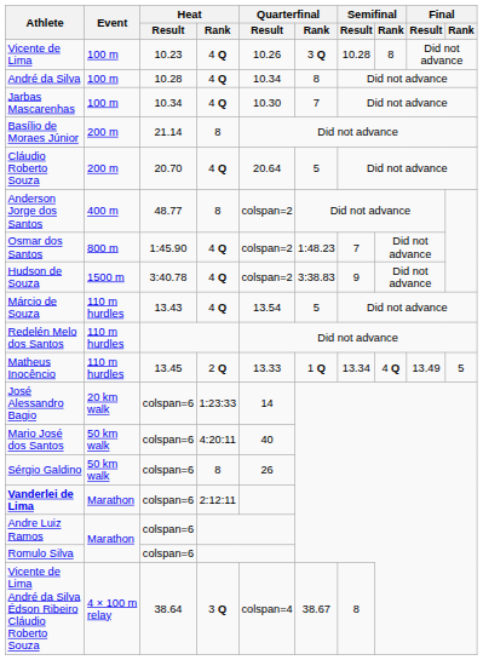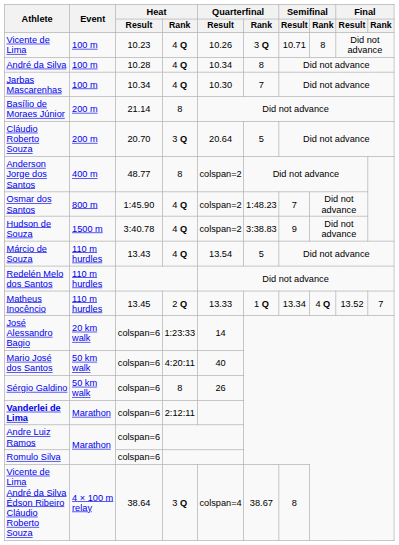 <table class=wikitable style="font-size:90%">
 <tr>
 <th rowspan="2">Athlete</th>
 <th rowspan="2">Event</th>
 <th colspan="2">Heat</th>
 <th colspan="2">Quarterfinal</th>
 <th colspan="2">Semifinal</th>
 <th colspan="2">Final</th>
 </tr>
 <tr style="font-size:95%">
 <th>Result</th>
 <th>Rank</th>
 <th>Result</th>
 <th>Rank</th>
 <th>Result</th>
 <th>Rank</th>
 <th>Result</th>
 <th>Rank</th>
 </tr>
 <tr align=center>
 <td align=left><a href='#'>Vicente de Lima</a></td>
 <td align=left><a href='#'>100 m</a></td>
 <td>10.23</td>
 <td>4 <strong>Q</strong></td>
 <td>10.26</td>
 <td>3 <strong>Q</strong></td>
-<td>10.28</td>
+<td>10.71</td>
 <td>8</td>
 <td colspan=2>Did not advance</td>
 </tr>
 <tr align=center>
 <td align=left><a href='#'>André da Silva</a></td>
 <td align=left><a href='#'>100 m</a></td>
 <td>10.28</td>
 <td>4 <strong>Q</strong></td>
 <td>10.34</td>
 <td>8</td>
 <td colspan=4>Did not advance</td>
 </tr>
 <tr align=center>
 <td align=left><a href='#'>Jarbas Mascarenhas</a></td>
 <td align=left><a href='#'>100 m</a></td>
 <td>10.34</td>
 <td>4 <strong>Q</strong></td>
 <td>10.30</td>
 <td>7</td>
 <td colspan=4>Did not advance</td>
 </tr>
 <tr align=center>
 <td align=left><a href='#'>Basílio de Moraes Júnior</a></td>
 <td align=left><a href='#'>200 m</a></td>
 <td>21.14</td>
 <td>8</td>
 <td colspan=6>Did not advance</td>
 </tr>
 <tr align=center>
 <td align=left><a href='#'>Cláudio Roberto Souza</a></td>
 <td align=left><a href='#'>200 m</a></td>
 <td>20.70</td>
-<td>4 <strong>Q</strong></td>
+<td>3 <strong>Q</strong></td>
 <td>20.64</td>
 <td>5</td>
 <td colspan=4>Did not advance</td>
 </tr>
 <tr align=center>
 <td align=left><a href='#'>Anderson Jorge dos Santos</a></td>
 <td align=left><a href='#'>400 m</a></td>
 <td>48.77</td>
 <td>8</td>
 <td>colspan=2 </td>
 <td colspan=4>Did not advance</td>
 </tr>
 <tr align=center>
 <td align=left><a href='#'>Osmar dos Santos</a></td>
 <td align=left><a href='#'>800 m</a></td>
 <td>1:45.90</td>
 <td>4 <strong>Q</strong></td>
 <td>colspan=2 </td>
 <td>1:48.23</td>
 <td>7</td>
 <td colspan=2>Did not advance</td>
 </tr>
 <tr align=center>
 <td align=left><a href='#'>Hudson de Souza</a></td>
 <td align=left><a href='#'>1500 m</a></td>
 <td>3:40.78</td>
 <td>4 <strong>Q</strong></td>
 <td>colspan=2 </td>
 <td>3:38.83</td>
 <td>9</td>
 <td colspan=2>Did not advance</td>
 </tr>
 <tr align=center>
 <td align=left><a href='#'>Márcio de Souza</a></td>
 <td align=left><a href='#'>110 m hurdles</a></td>
 <td>13.43</td>
 <td>4 <strong>Q</strong></td>
 <td>13.54</td>
 <td>5</td>
 <td colspan=4>Did not advance</td>
 </tr>
 <tr align=center>
 <td align=left><a href='#'>Redelén Melo dos Santos</a></td>
 <td align=left><a href='#'>110 m hurdles</a></td>
 <td colspan=2></td>
 <td colspan=6>Did not advance</td>
 </tr>
 <tr align=center>
 <td align=left><a href='#'>Matheus Inocêncio</a></td>
 <td align=left><a href='#'>110 m hurdles</a></td>
 <td>13.45</td>
 <td>2 <strong>Q</strong></td>
 <td>13.33</td>
 <td>1 <strong>Q</strong></td>
 <td>13.34</td>
 <td>4 <strong>Q</strong></td>
-<td>13.49</td>
-<td>5</td>
+<td>13.52</td>
+<td>7</td>
 </tr>
 <tr align=center>
 <td align=left><a href='#'>José Alessandro Bagio</a></td>
 <td align=left><a href='#'>20 km walk</a></td>
 <td>colspan=6 </td>
 <td>1:23:33</td>
 <td>14</td>
 </tr>
 <tr align=center>
 <td align=left><a href='#'>Mario José dos Santos</a></td>
 <td align=left><a href='#'>50 km walk</a></td>
 <td>colspan=6 </td>
 <td>4:20:11</td>
 <td>40</td>
 </tr>
 <tr align=center>
 <td align=left><a href='#'>Sérgio Galdino</a></td>
 <td align=left><a href='#'>50 km walk</a></td>
 <td>colspan=6 </td>
 <td>8</td>
 <td>26</td>
 </tr>
 <tr align=center>
 <td align=left><strong><a href='#'>Vanderlei de Lima</a></strong></td>
 <td align=left><a href='#'>Marathon</a></td>
 <td>colspan=6 </td>
 <td>2:12:11</td>
 <td></td>
 </tr>
 <tr align=center>
 <td align=left><a href='#'>Andre Luiz Ramos</a></td>
 <td align=left rowspan=2><a href='#'>Marathon</a></td>
 <td>colspan=6 </td>
 <td colspan=2></td>
 </tr>
 <tr align=center>
 <td align=left><a href='#'>Romulo Silva</a></td>
 <td>colspan=6 </td>
 <td colspan=2></td>
 </tr>
 <tr align=center>
 <td align=left><a href='#'>Vicente de Lima</a><br><a href='#'>André da Silva</a><br><a href='#'>Édson Ribeiro</a><br><a href='#'>Cláudio Roberto Souza</a></td>
 <td align=left><a href='#'>4 × 100 m relay</a></td>
 <td>38.64</td>
 <td>3 <strong>Q</strong></td>
 <td>colspan=4 </td>
 <td>38.67</td>
 <td>8</td>
 </tr>
 </table>
